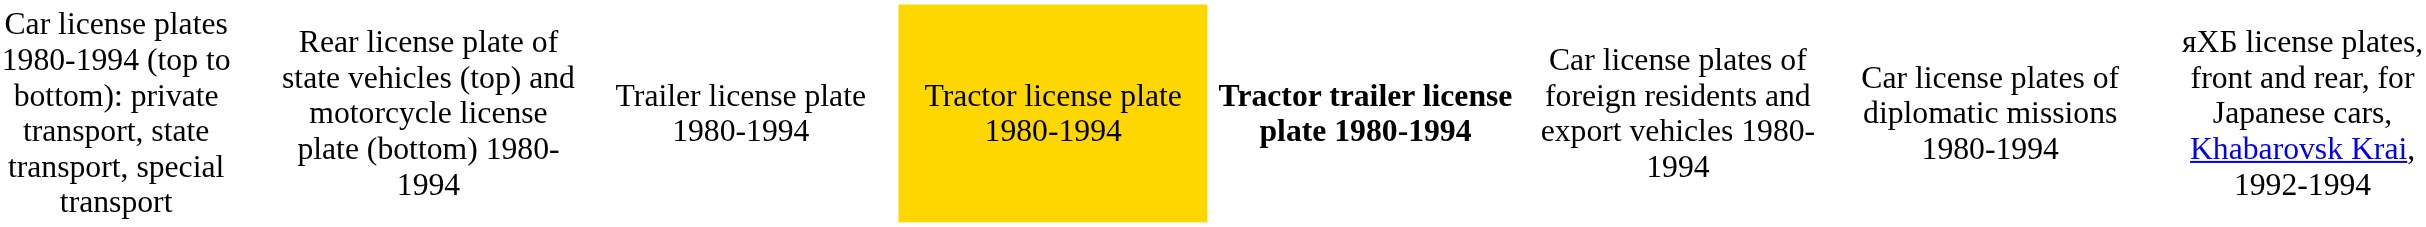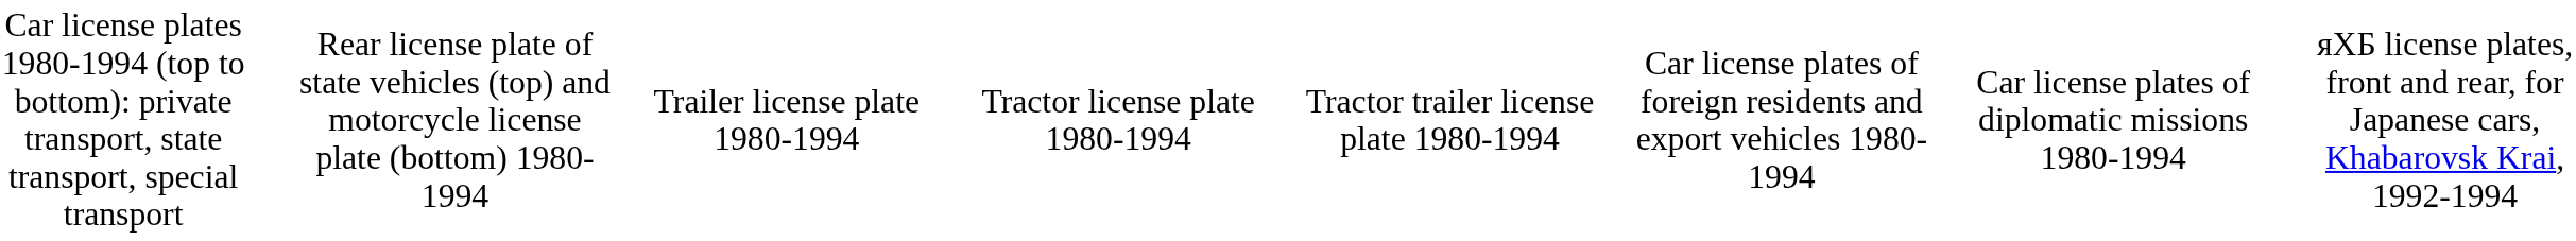 <table class="graytable" style="text-align:center">
 <tr>
 <td width="12%"><br> </td>
 <td width="12%"><br></td>
 <td width="12%"></td>
 <td width="12%"></td>
 <td width="12%"></td>
 <td width="12%"><br></td>
 <td width="12%"><br></td>
 <td width="12%"></td>
 </tr>
 <tr>
 <td>Car license plates 1980-1994 (top to bottom): private transport, state transport, special transport</td>
 <td>Rear license plate of state vehicles (top) and motorcycle license plate (bottom) 1980-1994</td>
 <td>Trailer license plate 1980-1994</td>
-<td style="background: gold;">Tractor license plate 1980-1994</td>
-<td><strong>Tractor trailer license plate 1980-1994</strong></td>
+<td>Tractor license plate 1980-1994</td>
+<td>Tractor trailer license plate 1980-1994</td>
 <td>Car license plates of foreign residents and export vehicles 1980-1994</td>
 <td>Car license plates of diplomatic missions 1980-1994</td>
 <td>яХБ license plates, front and rear, for Japanese cars, <a href='#'>Khabarovsk Krai</a>, 1992-1994</td>
 </tr>
 <tr>
 </tr>
 </table>
